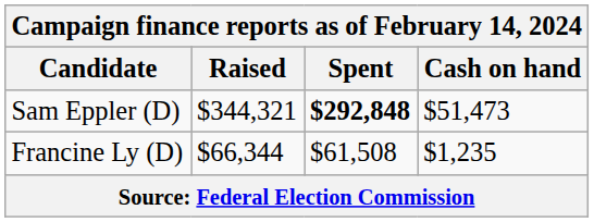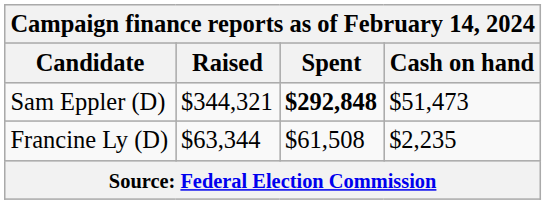 <table class="wikitable sortable">
 <tr>
 <th colspan=4>Campaign finance reports as of February 14, 2024</th>
 </tr>
 <tr style="text-align:center;">
 <th>Candidate</th>
 <th>Raised</th>
 <th>Spent</th>
 <th>Cash on hand</th>
 </tr>
 <tr>
 <td style="color:black;background-color:">Sam Eppler (D)</td>
 <td>$344,321</td>
 <td><strong>$292,848</strong></td>
 <td>$51,473</td>
 </tr>
 <tr>
 <td style="color:black;background-color:">Francine Ly (D)</td>
-<td>$66,344</td>
+<td>$63,344</td>
 <td>$61,508</td>
-<td>$1,235</td>
+<td>$2,235</td>
 </tr>
 <tr>
 <th colspan="4"><small>Source: <a href='#'>Federal Election Commission</a></small></th>
 </tr>
 </table>
